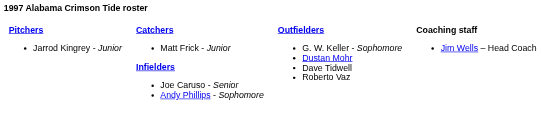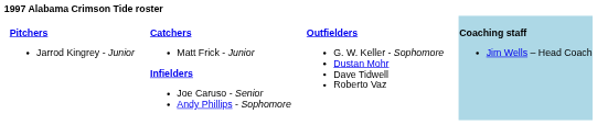 <table class="toccolours" style="text-align: left; font-size:90%;">
 <tr>
 <th colspan="9">1997 Alabama Crimson Tide roster</th>
 </tr>
 <tr>
 <td width="03"> </td>
 <td valign="top"><br><strong><a href='#'>Pitchers</a></strong><ul><li>Jarrod Kingrey - <em>Junior</em></li></ul></td>
 <td width="15"> </td>
 <td valign="top"><br><strong><a href='#'>Catchers</a></strong><ul><li>Matt Frick - <em>Junior</em></li></ul><strong><a href='#'>Infielders</a></strong><ul><li>Joe Caruso - <em>Senior</em></li><li><a href='#'>Andy Phillips</a> - <em>Sophomore</em></li></ul></td>
 <td width="15"> </td>
 <td valign="top"><br><strong><a href='#'>Outfielders</a></strong><ul><li>G. W. Keller - <em>Sophomore</em></li><li><a href='#'>Dustan Mohr</a></li><li>Dave Tidwell</li><li>Roberto Vaz</li></ul></td>
 <td width="15"> </td>
-<td valign="top"><br><strong>Coaching staff</strong><ul><li><a href='#'>Jim Wells</a> –  Head Coach</li></ul></td>
+<td valign="top" style="background: lightblue;"><br><strong>Coaching staff</strong><ul><li><a href='#'>Jim Wells</a> –  Head Coach</li></ul></td>
 </tr>
 </table>
